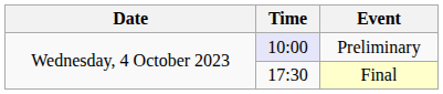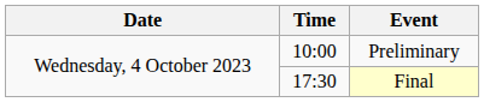 <table class = "wikitable" style="text-align:center;">
 <tr>
 <th width=220>Date</th>
 <th width=50>Time</th>
 <th width=100>Event</th>
 </tr>
 <tr>
 <td rowspan=2>Wednesday, 4 October 2023</td>
-<td style="background: lavender;">10:00</td>
+<td>10:00</td>
 <td>Preliminary</td>
 </tr>
 <tr>
 <td>17:30</td>
 <td bgcolor=ffffcc>Final</td>
 </tr>
 </table>
